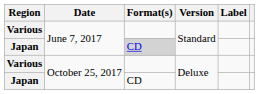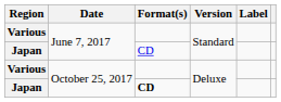 <table class="wikitable plainrowheaders">
 <tr>
 <th scope="col">Region</th>
 <th scope="col">Date</th>
 <th scope="col">Format(s)</th>
 <th>Version</th>
 <th scope="col">Label</th>
 <th scope="col"></th>
 </tr>
 <tr>
 <th scope="row">Various</th>
 <td rowspan="2">June 7, 2017</td>
 <td></td>
 <td rowspan="2">Standard</td>
 <td></td>
 <td align="center"></td>
 </tr>
 <tr>
 <th scope="row">Japan</th>
-<td style="background: lightgrey;"><a href='#'>CD</a></td>
+<td><a href='#'>CD</a></td>
 <td></td>
 <td align="center"></td>
 </tr>
 <tr>
 <th scope="row">Various</th>
 <td rowspan="2">October 25, 2017</td>
 <td></td>
 <td rowspan="2">Deluxe</td>
 <td></td>
 <td align="center"></td>
 </tr>
 <tr>
 <th scope="row">Japan</th>
-<td>CD</td>
+<td><strong>CD</strong></td>
 <td></td>
 <td align="center"></td>
 </tr>
 </table>
